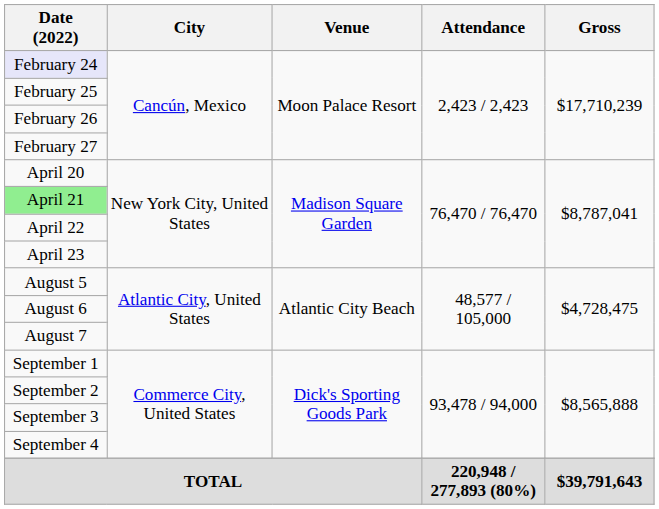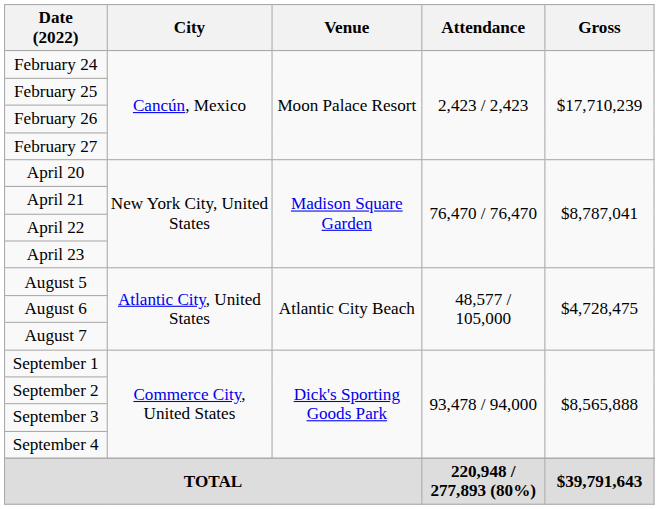 <table class="wikitable plainrowheaders" style="text-align:center;">
 <tr>
 <th scope="col" style="width:7em;">Date<br>(2022)</th>
 <th scope="col" style="width:15em;">City</th>
 <th scope="col" style="width:14em;">Venue</th>
 <th scope="col" style="width:9em;">Attendance</th>
 <th scope="col" style="width:7em;">Gross</th>
 </tr>
 <tr>
-<td style="background: lavender;">February 24</td>
+<td>February 24</td>
 <td rowspan="4"><a href='#'>Cancún</a>, Mexico</td>
 <td rowspan="4">Moon Palace Resort</td>
 <td rowspan="4">2,423 / 2,423</td>
 <td rowspan="4">$17,710,239</td>
 </tr>
 <tr>
 <td>February 25</td>
 </tr>
 <tr>
 <td>February 26</td>
 </tr>
 <tr>
 <td>February 27</td>
 </tr>
 <tr>
 <td>April 20</td>
 <td rowspan="4">New York City, United States</td>
 <td rowspan="4"><a href='#'>Madison Square Garden</a></td>
 <td rowspan="4">76,470 / 76,470</td>
 <td rowspan="4">$8,787,041</td>
 </tr>
 <tr>
-<td style="background: lightgreen;">April 21</td>
+<td>April 21</td>
 </tr>
 <tr>
 <td>April 22</td>
 </tr>
 <tr>
 <td>April 23</td>
 </tr>
 <tr>
 <td>August 5</td>
 <td rowspan="3"><a href='#'>Atlantic City</a>, United States</td>
 <td rowspan="3">Atlantic City Beach</td>
 <td rowspan="3">48,577 / 105,000</td>
 <td rowspan="3">$4,728,475</td>
 </tr>
 <tr>
 <td>August 6</td>
 </tr>
 <tr>
 <td>August 7</td>
 </tr>
 <tr>
 <td>September 1</td>
 <td rowspan="4"><a href='#'>Commerce City</a>, United States</td>
 <td rowspan="4"><a href='#'>Dick's Sporting Goods Park</a></td>
 <td rowspan="4">93,478 / 94,000</td>
 <td rowspan="4">$8,565,888</td>
 </tr>
 <tr>
 <td>September 2</td>
 </tr>
 <tr>
 <td>September 3</td>
 </tr>
 <tr>
 <td>September 4</td>
 </tr>
 <tr>
 </tr>
 <tr style="background:#ddd;">
 <td colspan="3"><strong>TOTAL</strong></td>
 <td><strong>220,948 / 277,893 (80%)</strong></td>
 <td><strong>$39,791,643</strong></td>
 </tr>
 </table>
